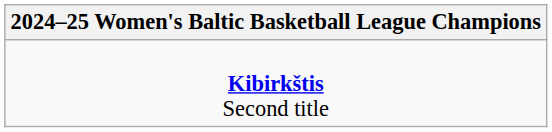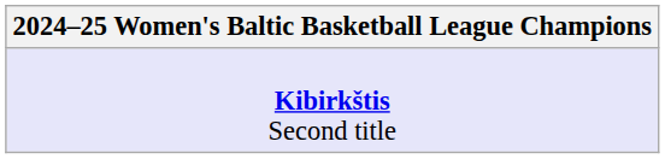 <table class=wikitable style="text-align:center; margin:auto">
 <tr>
 <th>2024–25 Women's Baltic Basketball League Champions</th>
 </tr>
 <tr>
-<td> <br><strong><a href='#'>Kibirkštis</a></strong><br>Second title</td>
+<td style="background: lavender;"> <br><strong><a href='#'>Kibirkštis</a></strong><br>Second title</td>
 </tr>
 </table>
